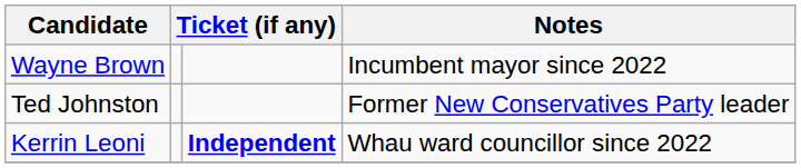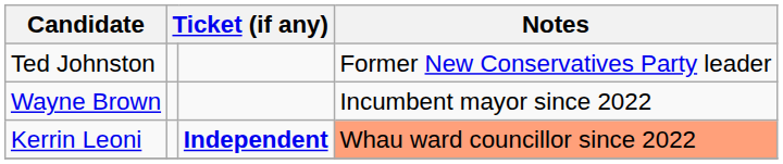 <table class="wikitable" style="font-size: 95%">
 <tr>
 <th>Candidate</th>
 <th colspan="2"><a href='#'>Ticket</a> (if any)</th>
 <th>Notes</th>
+</tr>
+<tr>
+<td>Ted Johnston</td>
+<td></td>
+<td></td>
+<td>Former <a href='#'>New Conservatives Party</a> leader</td>
 </tr>
 <tr>
 <td><a href='#'>Wayne Brown</a></td>
 <td></td>
 <td></td>
 <td>Incumbent mayor since 2022</td>
 </tr>
 <tr>
-<td>Ted Johnston</td>
-<td></td>
-<td></td>
-<td>Former <a href='#'>New Conservatives Party</a> leader</td>
-</tr>
-<tr>
 <td><a href='#'>Kerrin Leoni</a></td>
 <td style="background-color:"></td>
 <td><strong><a href='#'>Independent</a></strong></td>
-<td>Whau ward councillor since 2022</td>
+<td style="background: lightsalmon;">Whau ward councillor since 2022</td>
 </tr>
 <tr>
 </tr>
 </table>
